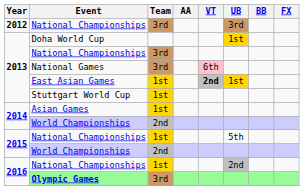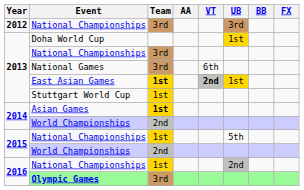 <table class="wikitable" style="text-align:center; font-size: 95%;">
 <tr>
 <th>Year</th>
 <th>Event</th>
 <th style="width:30px;">Team</th>
 <th style="width:30px;">AA</th>
 <th style="width:30px;"><a href='#'>VT</a></th>
 <th style="width:30px;"><a href='#'>UB</a></th>
 <th style="width:30px;"><a href='#'>BB</a></th>
 <th style="width:30px;"><a href='#'>FX</a></th>
 </tr>
 <tr>
 <td rowspan="1"><strong>2012</strong></td>
 <td align=left><a href='#'>National Championships</a></td>
 <td style="background:#c96;">3rd</td>
 <td></td>
 <td></td>
 <td style="background:#c96;">3rd</td>
 <td></td>
 <td></td>
 </tr>
 <tr>
 <td rowspan="5"><strong>2013</strong></td>
 <td align=left>Doha World Cup</td>
 <td></td>
 <td></td>
 <td></td>
 <td style="background: gold">1st</td>
 <td></td>
 <td></td>
 </tr>
 <tr>
 <td align=left><a href='#'>National Championships</a></td>
 <td style="background:#c96;">3rd</td>
 <td></td>
 <td></td>
 <td></td>
 <td></td>
 <td></td>
 </tr>
 <tr>
 <td align=left>National Games</td>
 <td style="background:#c96;">3rd</td>
 <td></td>
-<td style="background: pink;">6th</td>
+<td>6th</td>
 <td></td>
 <td></td>
 <td></td>
 </tr>
 <tr>
 <td align=left><a href='#'>East Asian Games</a></td>
-<td style="background: gold">1st</td>
+<td style="background: gold"><strong>1st</strong></td>
 <td></td>
 <td style="background:silver;"><strong>2nd</strong></td>
 <td style="background: gold">1st</td>
 <td></td>
 <td></td>
 </tr>
 <tr>
 <td align=left>Stuttgart World Cup</td>
 <td style="background: gold">1st</td>
 <td></td>
 <td></td>
 <td></td>
 <td></td>
 <td></td>
 </tr>
 <tr>
 <td rowspan="2"><strong><a href='#'>2014</a></strong></td>
 <td align=left><a href='#'>Asian Games</a></td>
-<td style="background: gold">1st</td>
+<td style="background: gold"><strong>1st</strong></td>
 <td></td>
 <td></td>
 <td></td>
 <td></td>
 <td></td>
 </tr>
 <tr bgcolor=#CCCCFF>
 <td align=left><a href='#'>World Championships</a></td>
 <td style="background:silver;">2nd</td>
 <td></td>
 <td></td>
 <td></td>
 <td></td>
 <td></td>
 </tr>
 <tr>
 <td rowspan="2"><strong><a href='#'>2015</a></strong></td>
 <td align=left><a href='#'>National Championships</a></td>
 <td style="background: gold">1st</td>
 <td></td>
 <td></td>
 <td>5th</td>
 <td></td>
 <td></td>
 </tr>
 <tr bgcolor=#CCCCFF>
 <td align=left><a href='#'>World Championships</a></td>
 <td style="background:silver;">2nd</td>
 <td></td>
 <td></td>
 <td></td>
 <td></td>
 <td></td>
 </tr>
 <tr>
 <td rowspan="2"><strong><a href='#'>2016</a></strong></td>
 <td align=left><a href='#'>National Championships</a></td>
 <td style="background: gold">1st</td>
 <td></td>
 <td></td>
 <td style="background:silver;">2nd</td>
 <td></td>
 <td></td>
 </tr>
 <tr bgcolor=98FB98>
 <td align=left><strong><a href='#'>Olympic Games</a></strong></td>
 <td style="background:#c96;">3rd</td>
 <td></td>
 <td></td>
 <td></td>
 <td></td>
 <td></td>
 </tr>
 </table>
